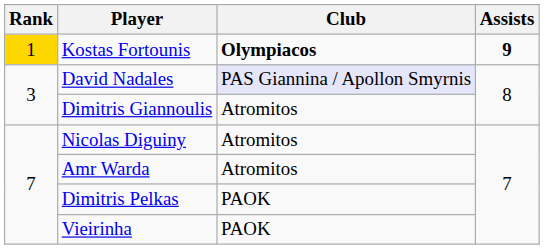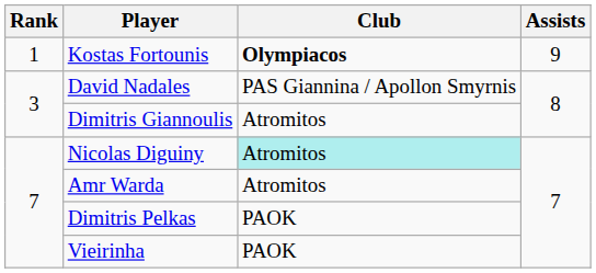 <table class="wikitable" style="text-align:center">
 <tr>
 <th>Rank</th>
 <th>Player</th>
 <th>Club</th>
 <th>Assists</th>
 </tr>
 <tr>
-<td style="background: gold;">1</td>
+<td>1</td>
 <td align="left"> <a href='#'>Kostas Fortounis</a></td>
 <td align="left"><strong>Olympiacos</strong></td>
-<td><strong>9</strong></td>
+<td>9</td>
 </tr>
 <tr>
 <td rowspan=2>3</td>
 <td align="left"> <a href='#'>David Nadales</a></td>
-<td align="left" style="background: lavender;">PAS Giannina / Apollon Smyrnis</td>
+<td align="left">PAS Giannina / Apollon Smyrnis</td>
 <td rowspan=2>8</td>
 </tr>
 <tr>
 <td align="left"> <a href='#'>Dimitris Giannoulis</a></td>
 <td align="left">Atromitos</td>
 </tr>
 <tr>
 <td rowspan=4>7</td>
 <td align="left"> <a href='#'>Nicolas Diguiny</a></td>
-<td align="left">Atromitos</td>
+<td align="left" style="background: paleturquoise;">Atromitos</td>
 <td rowspan=4>7</td>
 </tr>
 <tr>
 <td align="left"> <a href='#'>Amr Warda</a></td>
 <td align="left">Atromitos</td>
 </tr>
 <tr>
 <td align="left"> <a href='#'>Dimitris Pelkas</a></td>
 <td align="left">PAOK</td>
 </tr>
 <tr>
 <td align="left"> <a href='#'>Vieirinha</a></td>
 <td align="left">PAOK</td>
 </tr>
 </table>
